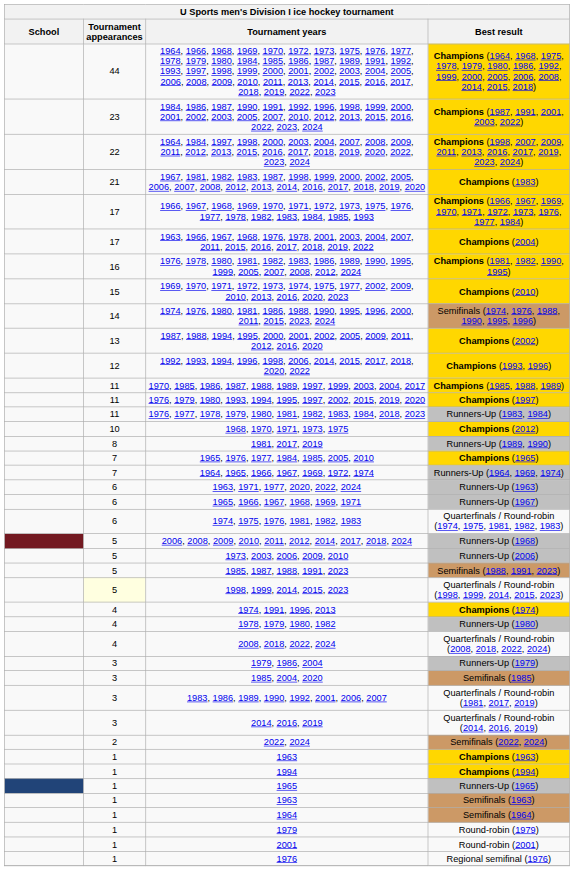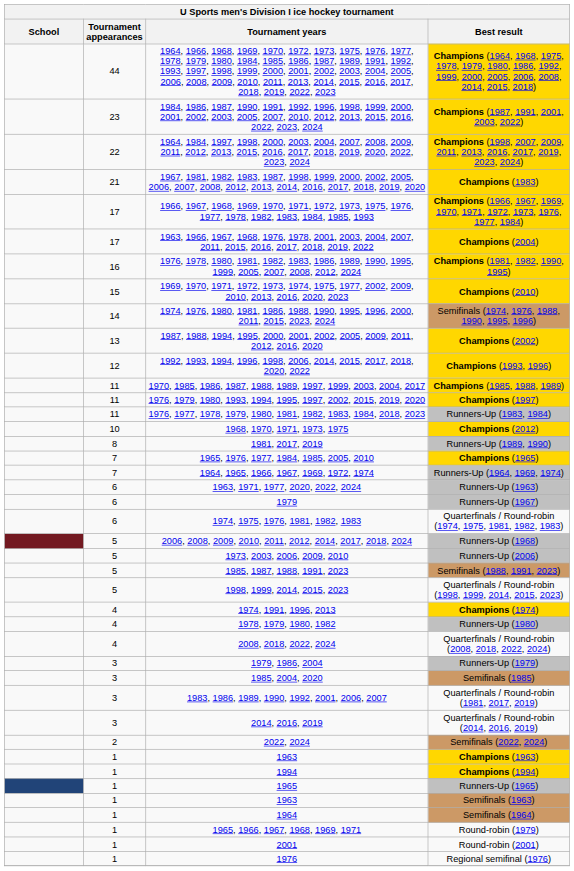 <table class="wikitable sortable" style="font-size:90%; width: 100%; text-align: center;">
 <tr>
 <th colspan=9>U Sports men's Division I ice hockey tournament</th>
 </tr>
 <tr>
 <th width=14%>School</th>
 <th width=11%>Tournament appearances</th>
 <th width=50%>Tournament years</th>
 <th width=25%>Best result</th>
 </tr>
 <tr>
 <td align=center><strong><a href='#'></a></strong></td>
 <td>44</td>
 <td><a href='#'>1964</a>, <a href='#'>1966</a>, <a href='#'>1968</a>, <a href='#'>1969</a>, <a href='#'>1970</a>, <a href='#'>1972</a>, <a href='#'>1973</a>, <a href='#'>1975</a>, <a href='#'>1976</a>, <a href='#'>1977</a>, <a href='#'>1978</a>, <a href='#'>1979</a>, <a href='#'>1980</a>, <a href='#'>1984</a>, <a href='#'>1985</a>, <a href='#'>1986</a>, <a href='#'>1987</a>, <a href='#'>1989</a>, <a href='#'>1991</a>, <a href='#'>1992</a>, <a href='#'>1993</a>, <a href='#'>1997</a>, <a href='#'>1998</a>, <a href='#'>1999</a>, <a href='#'>2000</a>, <a href='#'>2001</a>, <a href='#'>2002</a>, <a href='#'>2003</a>, <a href='#'>2004</a>, <a href='#'>2005</a>, <a href='#'>2006</a>, <a href='#'>2008</a>, <a href='#'>2009</a>, <a href='#'>2010</a>, <a href='#'>2011</a>, <a href='#'>2013</a>, <a href='#'>2014</a>, <a href='#'>2015</a>, <a href='#'>2016</a>, <a href='#'>2017</a>, <a href='#'>2018</a>, <a href='#'>2019</a>, <a href='#'>2022</a>, <a href='#'>2023</a></td>
 <td bgcolor=gold><strong>Champions</strong> (<a href='#'>1964</a>, <a href='#'>1968</a>, <a href='#'>1975</a>, <a href='#'>1978</a>, <a href='#'>1979</a>, <a href='#'>1980</a>, <a href='#'>1986</a>, <a href='#'>1992</a>, <a href='#'>1999</a>, <a href='#'>2000</a>, <a href='#'>2005</a>, <a href='#'>2006</a>, <a href='#'>2008</a>, <a href='#'>2014</a>, <a href='#'>2015</a>, <a href='#'>2018</a>)</td>
 </tr>
 <tr>
 <td align=center><strong><a href='#'></a></strong></td>
 <td>23</td>
 <td><a href='#'>1984</a>, <a href='#'>1986</a>, <a href='#'>1987</a>, <a href='#'>1990</a>, <a href='#'>1991</a>, <a href='#'>1992</a>, <a href='#'>1996</a>, <a href='#'>1998</a>, <a href='#'>1999</a>, <a href='#'>2000</a>, <a href='#'>2001</a>, <a href='#'>2002</a>, <a href='#'>2003</a>, <a href='#'>2005</a>, <a href='#'>2007</a>, <a href='#'>2010</a>, <a href='#'>2012</a>, <a href='#'>2013</a>, <a href='#'>2015</a>, <a href='#'>2016</a>, <a href='#'>2022</a>, <a href='#'>2023</a>, <a href='#'>2024</a></td>
 <td bgcolor=gold><strong>Champions</strong> (<a href='#'>1987</a>, <a href='#'>1991</a>, <a href='#'>2001</a>, <a href='#'>2003</a>, <a href='#'>2022</a>)</td>
 </tr>
 <tr>
 <td align=center><strong><a href='#'></a></strong></td>
 <td>22</td>
 <td><a href='#'>1964</a>, <a href='#'>1984</a>, <a href='#'>1997</a>, <a href='#'>1998</a>, <a href='#'>2000</a>, <a href='#'>2003</a>, <a href='#'>2004</a>, <a href='#'>2007</a>, <a href='#'>2008</a>, <a href='#'>2009</a>, <a href='#'>2011</a>, <a href='#'>2012</a>, <a href='#'>2013</a>, <a href='#'>2015</a>, <a href='#'>2016</a>, <a href='#'>2017</a>, <a href='#'>2018</a>, <a href='#'>2019</a>, <a href='#'>2020</a>, <a href='#'>2022</a>, <a href='#'>2023</a>, <a href='#'>2024</a></td>
 <td bgcolor=gold><strong>Champions</strong> (<a href='#'>1998</a>, <a href='#'>2007</a>, <a href='#'>2009</a>, <a href='#'>2011</a>, <a href='#'>2013</a>, <a href='#'>2016</a>, <a href='#'>2017</a>, <a href='#'>2019</a>, <a href='#'>2023</a>, <a href='#'>2024</a>)</td>
 </tr>
 <tr>
 <td align=center><strong><a href='#'></a></strong></td>
 <td>21</td>
 <td><a href='#'>1967</a>, <a href='#'>1981</a>, <a href='#'>1982</a>, <a href='#'>1983</a>, <a href='#'>1987</a>, <a href='#'>1998</a>, <a href='#'>1999</a>, <a href='#'>2000</a>, <a href='#'>2002</a>, <a href='#'>2005</a>, <a href='#'>2006</a>, <a href='#'>2007</a>, <a href='#'>2008</a>, <a href='#'>2012</a>, <a href='#'>2013</a>, <a href='#'>2014</a>, <a href='#'>2016</a>, <a href='#'>2017</a>, <a href='#'>2018</a>, <a href='#'>2019</a>, <a href='#'>2020</a></td>
 <td bgcolor=gold><strong>Champions</strong> (<a href='#'>1983</a>)</td>
 </tr>
 <tr>
 <td align=center><strong><a href='#'></a></strong></td>
 <td>17</td>
 <td><a href='#'>1966</a>, <a href='#'>1967</a>, <a href='#'>1968</a>, <a href='#'>1969</a>, <a href='#'>1970</a>, <a href='#'>1971</a>, <a href='#'>1972</a>, <a href='#'>1973</a>, <a href='#'>1975</a>, <a href='#'>1976</a>, <a href='#'>1977</a>, <a href='#'>1978</a>, <a href='#'>1982</a>, <a href='#'>1983</a>, <a href='#'>1984</a>, <a href='#'>1985</a>, <a href='#'>1993</a></td>
 <td bgcolor=gold><strong>Champions</strong> (<a href='#'>1966</a>, <a href='#'>1967</a>, <a href='#'>1969</a>, <a href='#'>1970</a>, <a href='#'>1971</a>, <a href='#'>1972</a>, <a href='#'>1973</a>, <a href='#'>1976</a>, <a href='#'>1977</a>, <a href='#'>1984</a>)</td>
 </tr>
 <tr>
 <td align=center><strong><a href='#'></a></strong></td>
 <td>17</td>
 <td><a href='#'>1963</a>, <a href='#'>1966</a>, <a href='#'>1967</a>, <a href='#'>1968</a>, <a href='#'>1976</a>, <a href='#'>1978</a>, <a href='#'>2001</a>, <a href='#'>2003</a>, <a href='#'>2004</a>, <a href='#'>2007</a>, <a href='#'>2011</a>, <a href='#'>2015</a>, <a href='#'>2016</a>, <a href='#'>2017</a>, <a href='#'>2018</a>, <a href='#'>2019</a>, <a href='#'>2022</a></td>
 <td bgcolor=gold><strong>Champions</strong> (<a href='#'>2004</a>)</td>
 </tr>
 <tr>
 <td align=center><strong><a href='#'></a></strong></td>
 <td>16</td>
 <td><a href='#'>1976</a>, <a href='#'>1978</a>, <a href='#'>1980</a>, <a href='#'>1981</a>, <a href='#'>1982</a>, <a href='#'>1983</a>, <a href='#'>1986</a>, <a href='#'>1989</a>, <a href='#'>1990</a>, <a href='#'>1995</a>, <a href='#'>1999</a>, <a href='#'>2005</a>, <a href='#'>2007</a>, <a href='#'>2008</a>, <a href='#'>2012</a>, <a href='#'>2024</a></td>
 <td bgcolor=gold><strong>Champions</strong> (<a href='#'>1981</a>, <a href='#'>1982</a>, <a href='#'>1990</a>, <a href='#'>1995</a>)</td>
 </tr>
 <tr>
 <td align=center><strong><a href='#'></a></strong></td>
 <td>15</td>
 <td><a href='#'>1969</a>, <a href='#'>1970</a>, <a href='#'>1971</a>, <a href='#'>1972</a>, <a href='#'>1973</a>, <a href='#'>1974</a>, <a href='#'>1975</a>, <a href='#'>1977</a>, <a href='#'>2002</a>, <a href='#'>2009</a>, <a href='#'>2010</a>, <a href='#'>2013</a>, <a href='#'>2016</a>, <a href='#'>2020</a>, <a href='#'>2023</a></td>
 <td bgcolor=gold><strong>Champions</strong> (<a href='#'>2010</a>)</td>
 </tr>
 <tr>
 <td align=center><strong><a href='#'></a></strong></td>
 <td>14</td>
 <td><a href='#'>1974</a>, <a href='#'>1976</a>, <a href='#'>1980</a>, <a href='#'>1981</a>, <a href='#'>1986</a>, <a href='#'>1988</a>, <a href='#'>1990</a>, <a href='#'>1995</a>, <a href='#'>1996</a>, <a href='#'>2000</a>, <a href='#'>2011</a>, <a href='#'>2015</a>, <a href='#'>2023</a>, <a href='#'>2024</a></td>
 <td bgcolor=#cc9966>Semifinals (<a href='#'>1974</a>, <a href='#'>1976</a>, <a href='#'>1988</a>, <a href='#'>1990</a>, <a href='#'>1995</a>, <a href='#'>1996</a>)</td>
 </tr>
 <tr>
 <td align=center><strong><a href='#'></a></strong></td>
 <td>13</td>
 <td><a href='#'>1987</a>, <a href='#'>1988</a>, <a href='#'>1994</a>, <a href='#'>1995</a>, <a href='#'>2000</a>, <a href='#'>2001</a>, <a href='#'>2002</a>, <a href='#'>2005</a>, <a href='#'>2009</a>, <a href='#'>2011</a>, <a href='#'>2012</a>, <a href='#'>2016</a>, <a href='#'>2020</a></td>
 <td bgcolor=gold><strong>Champions</strong> (<a href='#'>2002</a>)</td>
 </tr>
 <tr>
 <td align=center><strong><a href='#'></a></strong></td>
 <td>12</td>
 <td><a href='#'>1992</a>, <a href='#'>1993</a>, <a href='#'>1994</a>, <a href='#'>1996</a>, <a href='#'>1998</a>, <a href='#'>2006</a>, <a href='#'>2014</a>, <a href='#'>2015</a>, <a href='#'>2017</a>, <a href='#'>2018</a>, <a href='#'>2020</a>, <a href='#'>2022</a></td>
 <td bgcolor=gold><strong>Champions</strong> (<a href='#'>1993</a>, <a href='#'>1996</a>)</td>
 </tr>
 <tr>
 <td align=center><strong><a href='#'></a></strong></td>
 <td>11</td>
 <td><a href='#'>1970</a>, <a href='#'>1985</a>, <a href='#'>1986</a>, <a href='#'>1987</a>, <a href='#'>1988</a>, <a href='#'>1989</a>, <a href='#'>1997</a>, <a href='#'>1999</a>, <a href='#'>2003</a>, <a href='#'>2004</a>, <a href='#'>2017</a></td>
 <td bgcolor=gold><strong>Champions</strong> (<a href='#'>1985</a>, <a href='#'>1988</a>, <a href='#'>1989</a>)</td>
 </tr>
 <tr>
 <td align=center><strong><a href='#'></a></strong></td>
 <td>11</td>
 <td><a href='#'>1976</a>, <a href='#'>1979</a>, <a href='#'>1980</a>, <a href='#'>1993</a>, <a href='#'>1994</a>, <a href='#'>1995</a>, <a href='#'>1997</a>, <a href='#'>2002</a>, <a href='#'>2015</a>, <a href='#'>2019</a>, <a href='#'>2020</a></td>
 <td bgcolor=gold><strong>Champions</strong> (<a href='#'>1997</a>)</td>
 </tr>
 <tr>
 <td align=center><strong><a href='#'></a></strong></td>
 <td>11</td>
 <td><a href='#'>1976</a>, <a href='#'>1977</a>, <a href='#'>1978</a>, <a href='#'>1979</a>, <a href='#'>1980</a>, <a href='#'>1981</a>, <a href='#'>1982</a>, <a href='#'>1983</a>, <a href='#'>1984</a>, <a href='#'>2018</a>, <a href='#'>2023</a></td>
 <td bgcolor=silver>Runners-Up (<a href='#'>1983</a>, <a href='#'>1984</a>)</td>
 </tr>
 <tr>
 <td align=center><strong><a href='#'></a></strong></td>
 <td>10</td>
 <td><a href='#'>1968</a>, <a href='#'>1970</a>, <a href='#'>1971</a>, <a href='#'>1973</a>, <a href='#'>1975</a></td>
 <td bgcolor=gold><strong>Champions</strong> (<a href='#'>2012</a>)</td>
 </tr>
 <tr>
 <td align=center><strong><a href='#'></a></strong></td>
 <td>8</td>
 <td><a href='#'>1981</a>, <a href='#'>2017</a>, <a href='#'>2019</a></td>
 <td bgcolor=silver>Runners-Up (<a href='#'>1989</a>, <a href='#'>1990</a>)</td>
 </tr>
 <tr>
 <td align=center><strong><a href='#'></a></strong></td>
 <td>7</td>
 <td><a href='#'>1965</a>, <a href='#'>1976</a>, <a href='#'>1977</a>, <a href='#'>1984</a>, <a href='#'>1985</a>, <a href='#'>2005</a>, <a href='#'>2010</a></td>
 <td bgcolor=gold><strong>Champions</strong> (<a href='#'>1965</a>)</td>
 </tr>
 <tr>
 <td align=center><strong><a href='#'></a></strong></td>
 <td>7</td>
 <td><a href='#'>1964</a>, <a href='#'>1965</a>, <a href='#'>1966</a>, <a href='#'>1967</a>, <a href='#'>1969</a>, <a href='#'>1972</a>, <a href='#'>1974</a></td>
 <td bgcolor=silver>Runners-Up (<a href='#'>1964</a>, <a href='#'>1969</a>, <a href='#'>1974</a>)</td>
 </tr>
 <tr>
 <td align=center><strong><a href='#'></a></strong></td>
 <td>6</td>
 <td><a href='#'>1963</a>, <a href='#'>1971</a>, <a href='#'>1977</a>, <a href='#'>2020</a>, <a href='#'>2022</a>, <a href='#'>2024</a></td>
 <td bgcolor=silver>Runners-Up (<a href='#'>1963</a>)</td>
 </tr>
 <tr>
 <td align=center><strong><a href='#'></a></strong></td>
 <td>6</td>
-<td><a href='#'>1965</a>, <a href='#'>1966</a>, <a href='#'>1967</a>, <a href='#'>1968</a>, <a href='#'>1969</a>, <a href='#'>1971</a></td>
+<td><a href='#'>1979</a></td>
 <td bgcolor=silver>Runners-Up (<a href='#'>1967</a>)</td>
 </tr>
 <tr>
 <td align=center><strong><a href='#'></a></strong></td>
 <td>6</td>
 <td><a href='#'>1974</a>, <a href='#'>1975</a>, <a href='#'>1976</a>, <a href='#'>1981</a>, <a href='#'>1982</a>, <a href='#'>1983</a></td>
 <td>Quarterfinals / Round-robin (<a href='#'>1974</a>, <a href='#'>1975</a>, <a href='#'>1981</a>, <a href='#'>1982</a>, <a href='#'>1983</a>)</td>
 </tr>
 <tr>
 <td align=center style="color:white; background:#731921; "><strong><a href='#'></a></strong></td>
 <td>5</td>
 <td><a href='#'>2006</a>, <a href='#'>2008</a>, <a href='#'>2009</a>, <a href='#'>2010</a>, <a href='#'>2011</a>, <a href='#'>2012</a>, <a href='#'>2014</a>, <a href='#'>2017</a>, <a href='#'>2018</a>, <a href='#'>2024</a></td>
 <td bgcolor=silver>Runners-Up (<a href='#'>1968</a>)</td>
 </tr>
 <tr>
 <td align=center><strong><a href='#'></a></strong></td>
 <td>5</td>
 <td><a href='#'>1973</a>, <a href='#'>2003</a>, <a href='#'>2006</a>, <a href='#'>2009</a>, <a href='#'>2010</a></td>
 <td bgcolor=silver>Runners-Up (<a href='#'>2006</a>)</td>
 </tr>
 <tr>
 <td align=center><strong><a href='#'></a></strong></td>
 <td>5</td>
 <td><a href='#'>1985</a>, <a href='#'>1987</a>, <a href='#'>1988</a>, <a href='#'>1991</a>, <a href='#'>2023</a></td>
 <td bgcolor=#cc9966>Semifinals (<a href='#'>1988</a>, <a href='#'>1991</a>, <a href='#'>2023</a>)</td>
 </tr>
 <tr>
 <td align=center><strong><a href='#'></a></strong></td>
-<td style="background: lightyellow;">5</td>
+<td>5</td>
 <td><a href='#'>1998</a>, <a href='#'>1999</a>, <a href='#'>2014</a>, <a href='#'>2015</a>, <a href='#'>2023</a></td>
 <td>Quarterfinals / Round-robin (<a href='#'>1998</a>, <a href='#'>1999</a>, <a href='#'>2014</a>, <a href='#'>2015</a>, <a href='#'>2023</a>)</td>
 </tr>
 <tr>
 <td align=center><strong><a href='#'></a></strong></td>
 <td>4</td>
 <td><a href='#'>1974</a>, <a href='#'>1991</a>, <a href='#'>1996</a>, <a href='#'>2013</a></td>
 <td bgcolor=gold><strong>Champions</strong> (<a href='#'>1974</a>)</td>
 </tr>
 <tr>
 <td align=center><strong><a href='#'></a></strong></td>
 <td>4</td>
 <td><a href='#'>1978</a>, <a href='#'>1979</a>, <a href='#'>1980</a>, <a href='#'>1982</a></td>
 <td bgcolor=silver>Runners-Up (<a href='#'>1980</a>)</td>
 </tr>
 <tr>
 <td align=center><strong><a href='#'></a></strong></td>
 <td>4</td>
 <td><a href='#'>2008</a>, <a href='#'>2018</a>, <a href='#'>2022</a>, <a href='#'>2024</a></td>
 <td>Quarterfinals / Round-robin (<a href='#'>2008</a>, <a href='#'>2018</a>, <a href='#'>2022</a>, <a href='#'>2024</a>)</td>
 </tr>
 <tr>
 <td align=center><strong><a href='#'></a></strong></td>
 <td>3</td>
 <td><a href='#'>1979</a>, <a href='#'>1986</a>, <a href='#'>2004</a></td>
 <td bgcolor=silver>Runners-Up (<a href='#'>1979</a>)</td>
 </tr>
 <tr>
 <td align=center><strong><a href='#'></a></strong></td>
 <td>3</td>
 <td><a href='#'>1985</a>, <a href='#'>2004</a>, <a href='#'>2020</a></td>
 <td bgcolor=#cc9966>Semifinals (<a href='#'>1985</a>)</td>
 </tr>
 <tr>
 <td align=center><strong><a href='#'></a></strong></td>
 <td>3</td>
 <td><a href='#'>1983</a>, <a href='#'>1986</a>, <a href='#'>1989</a>, <a href='#'>1990</a>, <a href='#'>1992</a>, <a href='#'>2001</a>, <a href='#'>2006</a>, <a href='#'>2007</a></td>
 <td>Quarterfinals / Round-robin (<a href='#'>1981</a>, <a href='#'>2017</a>, <a href='#'>2019</a>)</td>
 </tr>
 <tr>
 <td align=center><strong><a href='#'></a></strong></td>
 <td>3</td>
 <td><a href='#'>2014</a>, <a href='#'>2016</a>, <a href='#'>2019</a></td>
 <td>Quarterfinals / Round-robin (<a href='#'>2014</a>, <a href='#'>2016</a>, <a href='#'>2019</a>)</td>
 </tr>
 <tr>
 <td align=center><strong><a href='#'></a></strong></td>
 <td>2</td>
 <td><a href='#'>2022</a>, <a href='#'>2024</a></td>
 <td bgcolor=#cc9966>Semifinals (<a href='#'>2022</a>, <a href='#'>2024</a>)</td>
 </tr>
 <tr>
 <td align=center><strong><a href='#'></a></strong></td>
 <td>1</td>
 <td><a href='#'>1963</a></td>
 <td bgcolor=gold><strong>Champions</strong> (<a href='#'>1963</a>)</td>
 </tr>
 <tr>
 <td align=center><strong><a href='#'></a></strong></td>
 <td>1</td>
 <td><a href='#'>1994</a></td>
 <td bgcolor=gold><strong>Champions</strong> (<a href='#'>1994</a>)</td>
 </tr>
 <tr>
 <td align=center style="color:white; background:#214478; "><strong><a href='#'></a></strong></td>
 <td>1</td>
 <td><a href='#'>1965</a></td>
 <td bgcolor=silver>Runners-Up (<a href='#'>1965</a>)</td>
 </tr>
 <tr>
 <td align=center><strong><a href='#'></a></strong></td>
 <td>1</td>
 <td><a href='#'>1963</a></td>
 <td bgcolor=#cc9966>Semifinals (<a href='#'>1963</a>)</td>
 </tr>
 <tr>
 <td align=center><strong><a href='#'></a></strong></td>
 <td>1</td>
 <td><a href='#'>1964</a></td>
 <td bgcolor=#cc9966>Semifinals (<a href='#'>1964</a>)</td>
 </tr>
 <tr>
 <td align=center><strong><a href='#'></a></strong></td>
 <td>1</td>
-<td><a href='#'>1979</a></td>
+<td><a href='#'>1965</a>, <a href='#'>1966</a>, <a href='#'>1967</a>, <a href='#'>1968</a>, <a href='#'>1969</a>, <a href='#'>1971</a></td>
 <td>Round-robin (<a href='#'>1979</a>)</td>
 </tr>
 <tr>
 <td align=center><strong><a href='#'></a></strong></td>
 <td>1</td>
 <td><a href='#'>2001</a></td>
 <td>Round-robin (<a href='#'>2001</a>)</td>
 </tr>
 <tr>
 <td align=center><strong><a href='#'></a></strong></td>
 <td>1</td>
 <td><a href='#'>1976</a></td>
 <td>Regional semifinal (<a href='#'>1976</a>)</td>
 </tr>
 <tr>
 </tr>
 </table>
